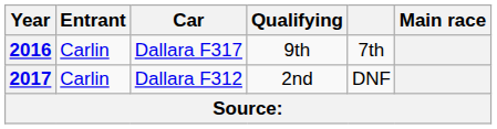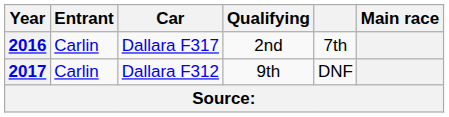 <table class="wikitable" style="text-align:center; font-size:90%">
 <tr>
 <th>Year</th>
 <th>Entrant</th>
 <th>Car</th>
 <th>Qualifying</th>
 <th></th>
 <th>Main race</th>
 </tr>
 <tr>
 <th><a href='#'>2016</a></th>
 <td align=left nowrap> <a href='#'>Carlin</a></td>
 <td align=left nowrap><a href='#'>Dallara F317</a></td>
-<td>9th</td>
+<td>2nd</td>
 <td>7th</td>
 <th></th>
 </tr>
 <tr>
 <th><a href='#'>2017</a></th>
 <td align=left nowrap> <a href='#'>Carlin</a></td>
 <td align=left nowrap><a href='#'>Dallara F312</a></td>
-<td>2nd</td>
+<td>9th</td>
 <td>DNF</td>
 <th></th>
 </tr>
 <tr>
 <th colspan="100">Source:</th>
 </tr>
 </table>
